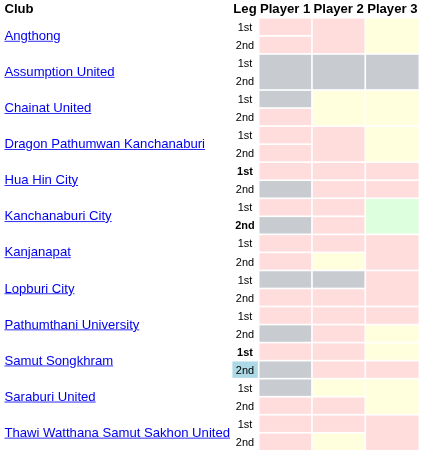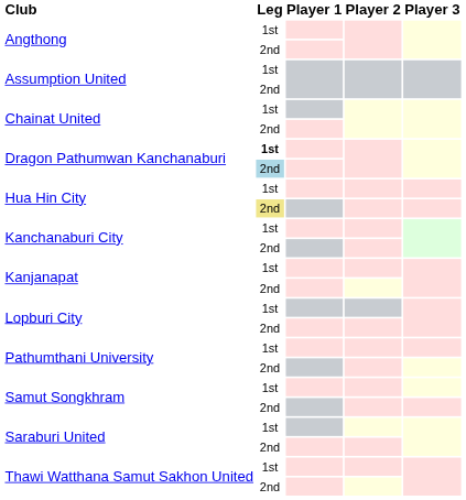 <table class="sortable" style="text-align:left">
 <tr>
 <th>Club</th>
 <th>Leg</th>
 <th>Player 1</th>
 <th>Player 2</th>
 <th>Player 3</th>
 </tr>
 <tr>
 <td rowspan="2"><a href='#'>Angthong</a></td>
 <td align="center"><small>1st</small></td>
 <td bgcolor="#ffdddd"></td>
 <td bgcolor="#ffdddd"rowspan="2"></td>
 <td bgcolor="#ffffdd"rowspan="2"></td>
 </tr>
 <tr>
 <td align="center"><small>2nd</small></td>
 <td bgcolor="#ffdddd"></td>
 </tr>
 <tr>
 <td rowspan="2"><a href='#'>Assumption United</a></td>
 <td align="center"><small>1st</small></td>
 <td bgcolor="#c8ccd1"rowspan="2"></td>
 <td bgcolor="#c8ccd1"rowspan="2"></td>
 <td bgcolor="#c8ccd1"rowspan="2"></td>
 </tr>
 <tr>
 <td align="center"><small>2nd</small></td>
 </tr>
 <tr>
 <td rowspan="2"><a href='#'>Chainat United</a></td>
 <td align="center"><small>1st</small></td>
 <td bgcolor="#c8ccd1"></td>
 <td bgcolor="#ffffdd"rowspan="2"></td>
 <td bgcolor="#ffffdd"rowspan="2"></td>
 </tr>
 <tr>
 <td align="center"><small>2nd</small></td>
 <td bgcolor="#ffdddd"></td>
 </tr>
 <tr>
 <td rowspan="2"><a href='#'>Dragon Pathumwan Kanchanaburi</a></td>
-<td align="center"><small>1st</small></td>
+<td align="center"><strong><small>1st</small></strong></td>
 <td bgcolor="#ffdddd"></td>
 <td bgcolor="#ffdddd"rowspan="2"></td>
 <td bgcolor="#ffffdd"rowspan="2"></td>
 </tr>
 <tr>
-<td align="center"><small>2nd</small></td>
+<td align="center" style="background: lightblue;"><small>2nd</small></td>
 <td bgcolor="#ffdddd"></td>
 </tr>
 <tr>
 <td rowspan="2"><a href='#'>Hua Hin City</a></td>
-<td align="center"><strong><small>1st</small></strong></td>
+<td align="center"><small>1st</small></td>
 <td bgcolor="#ffdddd"></td>
 <td bgcolor="#ffdddd"></td>
 <td bgcolor="#ffdddd"></td>
 </tr>
 <tr>
-<td align="center"><small>2nd</small></td>
+<td align="center" style="background: khaki;"><small>2nd</small></td>
 <td bgcolor="#c8ccd1"></td>
 <td bgcolor="#ffdddd"></td>
 <td bgcolor="#ffdddd"></td>
 </tr>
 <tr>
 <td rowspan="2"><a href='#'>Kanchanaburi City</a></td>
 <td align="center"><small>1st</small></td>
 <td bgcolor="#ffdddd"></td>
 <td bgcolor="#ffdddd"></td>
 <td bgcolor="#ddffdd"rowspan="2"></td>
 </tr>
 <tr>
-<td align="center"><strong><small>2nd</small></strong></td>
+<td align="center"><small>2nd</small></td>
 <td bgcolor="#c8ccd1"></td>
 <td bgcolor="#ffdddd"></td>
 </tr>
 <tr>
 <td rowspan="2"><a href='#'>Kanjanapat</a></td>
 <td align="center"><small>1st</small></td>
 <td bgcolor="#ffdddd"></td>
 <td bgcolor="#ffdddd"></td>
 <td bgcolor="#ffdddd"rowspan="2"></td>
 </tr>
 <tr>
 <td align="center"><small>2nd</small></td>
 <td bgcolor="#ffdddd"></td>
 <td bgcolor="#ffffdd"></td>
 </tr>
 <tr>
 <td rowspan="2"><a href='#'>Lopburi City</a></td>
 <td align="center"><small>1st</small></td>
 <td bgcolor="#c8ccd1"></td>
 <td bgcolor="#c8ccd1"></td>
 <td bgcolor="#ffdddd"rowspan="2"></td>
 </tr>
 <tr>
 <td align="center"><small>2nd</small></td>
 <td bgcolor="#ffdddd"></td>
 <td bgcolor="#ffdddd"></td>
 </tr>
 <tr>
 <td rowspan="2"><a href='#'>Pathumthani University</a></td>
 <td align="center"><small>1st</small></td>
 <td bgcolor="#ffdddd"></td>
 <td bgcolor="#ffdddd"></td>
 <td bgcolor="#ffdddd"></td>
 </tr>
 <tr>
 <td align="center"><small>2nd</small></td>
 <td bgcolor="#c8ccd1"></td>
 <td bgcolor="#ffdddd"></td>
 <td bgcolor="#ffffdd"></td>
 </tr>
 <tr>
 <td rowspan="2"><a href='#'>Samut Songkhram</a></td>
-<td align="center"><strong><small>1st</small></strong></td>
+<td align="center"><small>1st</small></td>
 <td bgcolor="#ffdddd"></td>
 <td bgcolor="#ffdddd"></td>
 <td bgcolor="#ffffdd"></td>
 </tr>
 <tr>
-<td align="center" style="background: lightblue;"><small>2nd</small></td>
+<td align="center"><small>2nd</small></td>
 <td bgcolor="#c8ccd1"></td>
 <td bgcolor="#ffdddd"></td>
 <td bgcolor="#ffdddd"></td>
 </tr>
 <tr>
 <td rowspan="2"><a href='#'>Saraburi United</a></td>
 <td align="center"><small>1st</small></td>
 <td bgcolor="#c8ccd1"></td>
 <td bgcolor="#ffffdd"></td>
 <td bgcolor="#ffffdd"rowspan="2"></td>
 </tr>
 <tr>
 <td align="center"><small>2nd</small></td>
 <td bgcolor="#ffdddd"></td>
 <td bgcolor="#ffdddd"></td>
 </tr>
 <tr>
 <td rowspan="2"><a href='#'>Thawi Watthana Samut Sakhon United</a></td>
 <td align="center"><small>1st</small></td>
 <td bgcolor="#ffdddd"></td>
 <td bgcolor="#ffdddd"></td>
 <td bgcolor="#ffdddd"rowspan="2"></td>
 </tr>
 <tr>
 <td align="center"><small>2nd</small></td>
 <td bgcolor="#ffdddd"></td>
 <td bgcolor="#ffffdd"></td>
 </tr>
 </table>
